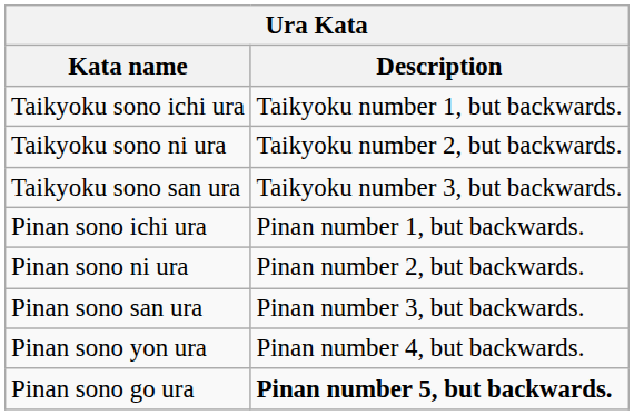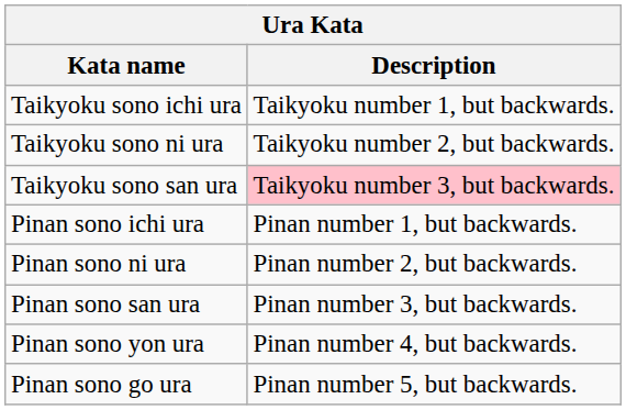 <table class="wikitable mw-collapsible mw-collapsed">
 <tr>
 <th colspan="2">Ura Kata</th>
 </tr>
 <tr>
 <th>Kata name</th>
 <th>Description</th>
 </tr>
 <tr>
 <td>Taikyoku sono ichi ura</td>
 <td>Taikyoku number 1, but backwards.</td>
 </tr>
 <tr>
 <td>Taikyoku sono ni ura</td>
 <td>Taikyoku number 2, but backwards.</td>
 </tr>
 <tr>
 <td>Taikyoku sono san ura</td>
-<td>Taikyoku number 3, but backwards.</td>
+<td style="background: pink;">Taikyoku number 3, but backwards.</td>
 </tr>
 <tr>
 <td>Pinan sono ichi ura</td>
 <td>Pinan number 1, but backwards.</td>
 </tr>
 <tr>
 <td>Pinan sono ni ura</td>
 <td>Pinan number 2, but backwards.</td>
 </tr>
 <tr>
 <td>Pinan sono san ura</td>
 <td>Pinan number 3, but backwards.</td>
 </tr>
 <tr>
 <td>Pinan sono yon ura</td>
 <td>Pinan number 4, but backwards.</td>
 </tr>
 <tr>
 <td>Pinan sono go ura</td>
-<td><strong>Pinan number 5, but backwards.</strong></td>
+<td>Pinan number 5, but backwards.</td>
 </tr>
 </table>
